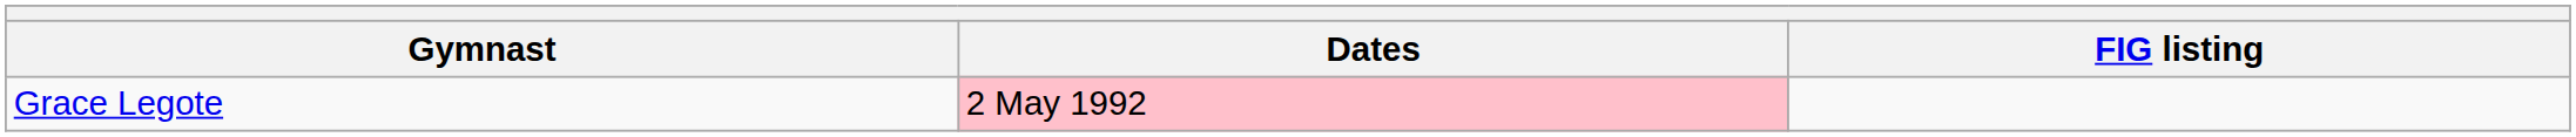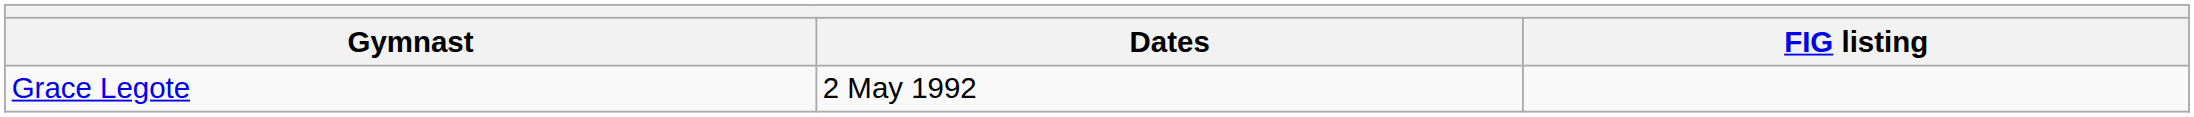 <table class="wikitable mw-collapsible mw-collapsed" width="75%">
 <tr>
 <th colspan="3"></th>
 </tr>
 <tr>
 <th>Gymnast</th>
 <th>Dates</th>
 <th><a href='#'>FIG</a> listing</th>
 </tr>
 <tr>
 <td><a href='#'>Grace Legote</a></td>
-<td style="background: pink;">2 May 1992</td>
+<td>2 May 1992</td>
 <td></td>
 </tr>
 </table>
